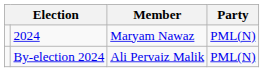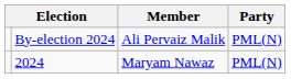 <table class="wikitable">
 <tr>
 <th colspan="2">Election</th>
 <th>Member</th>
 <th>Party</th>
 </tr>
 <tr>
 <td style="background-color: "></td>
+<td><a href='#'>By-election 2024</a></td>
+<td><a href='#'>Ali Pervaiz Malik</a></td>
+<td><a href='#'>PML(N)</a></td>
+</tr>
+<tr>
+<td style="background-color: "></td>
 <td><a href='#'>2024</a></td>
 <td><a href='#'>Maryam Nawaz</a></td>
 <td><a href='#'>PML(N)</a></td>
 </tr>
-<tr>
-<td style="background-color: "></td>
-<td><a href='#'>By-election 2024</a></td>
-<td><a href='#'>Ali Pervaiz Malik</a></td>
-<td><a href='#'>PML(N)</a></td>
-</tr>
 </table>
